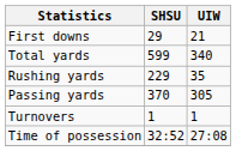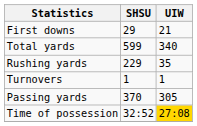 <table class="wikitable" style="float: left;">
 <tr>
 <th>Statistics</th>
 <th>SHSU</th>
 <th>UIW</th>
 </tr>
 <tr>
 <td>First downs</td>
 <td>29</td>
 <td>21</td>
 </tr>
 <tr>
 <td>Total yards</td>
 <td>599</td>
 <td>340</td>
 </tr>
 <tr>
 <td>Rushing yards</td>
 <td>229</td>
 <td>35</td>
 </tr>
 <tr>
+<td>Turnovers</td>
+<td>1</td>
+<td>1</td>
+</tr>
+<tr>
 <td>Passing yards</td>
 <td>370</td>
 <td>305</td>
 </tr>
 <tr>
-<td>Turnovers</td>
-<td>1</td>
-<td>1</td>
-</tr>
-<tr>
 <td>Time of possession</td>
 <td>32:52</td>
-<td>27:08</td>
+<td style="background: gold;">27:08</td>
 </tr>
 <tr>
 </tr>
 </table>
